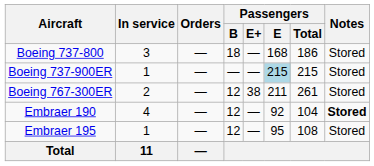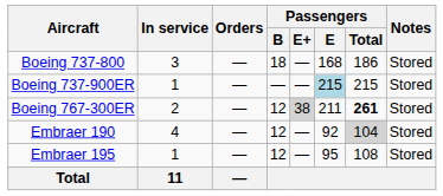 <table class="wikitable" style="margin:0.5em auto; text-align:center">
 <tr>
 <th rowspan=2>Aircraft</th>
 <th rowspan=2>In service</th>
 <th rowspan=2>Orders</th>
 <th colspan=4>Passengers</th>
 <th rowspan=2>Notes</th>
 </tr>
 <tr>
 <th><abbr>B</abbr></th>
 <th><abbr>E+</abbr></th>
 <th><abbr>E</abbr></th>
 <th>Total</th>
 </tr>
 <tr>
 <td><a href='#'>Boeing 737-800</a></td>
 <td>3</td>
 <td>—</td>
 <td>18</td>
 <td>—</td>
 <td>168</td>
 <td>186</td>
 <td>Stored</td>
 </tr>
 <tr>
 <td><a href='#'>Boeing 737-900ER</a></td>
 <td>1</td>
 <td>—</td>
 <td>—</td>
 <td>—</td>
 <td style="background: lightblue;">215</td>
 <td>215</td>
 <td>Stored</td>
 </tr>
 <tr>
 <td><a href='#'>Boeing 767-300ER</a></td>
 <td>2</td>
 <td>—</td>
 <td>12</td>
-<td>38</td>
+<td style="background: lightgrey;">38</td>
 <td>211</td>
-<td>261</td>
+<td><strong>261</strong></td>
 <td>Stored</td>
 </tr>
 <tr>
 <td><a href='#'>Embraer 190</a></td>
 <td>4</td>
 <td>—</td>
 <td>12</td>
 <td>—</td>
 <td>92</td>
-<td>104</td>
-<td><strong>Stored</strong></td>
+<td style="background: lightgrey;">104</td>
+<td>Stored</td>
 </tr>
 <tr>
 <td><a href='#'>Embraer 195</a></td>
 <td>1</td>
 <td>—</td>
 <td>12</td>
 <td>—</td>
 <td>95</td>
 <td>108</td>
 <td>Stored</td>
 </tr>
 <tr>
 <th>Total</th>
 <th>11</th>
 <th>—</th>
 <th colspan="5"></th>
 </tr>
 </table>
